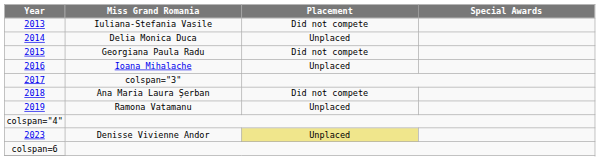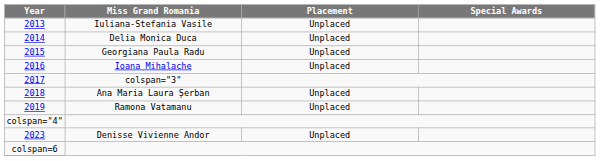 <table class="wikitable sortable" style="font-size: 95%; text-align:center">
 <tr>
 <th width="60" style="background-color:#787878;color:#FFFFFF;">Year</th>
 <th width="250" style="background-color:#787878;color:#FFFFFF;">Miss Grand Romania</th>
 <th width="250" style="background-color:#787878;color:#FFFFFF;">Placement</th>
 <th width="250" style="background-color:#787878;color:#FFFFFF;">Special Awards</th>
 </tr>
 <tr>
 <td><a href='#'>2013</a></td>
 <td>Iuliana-Stefania Vasile</td>
-<td>Did not compete</td>
+<td>Unplaced</td>
 <td></td>
 </tr>
 <tr>
 <td><a href='#'>2014</a></td>
 <td>Delia Monica Duca</td>
 <td>Unplaced</td>
 <td></td>
 </tr>
 <tr>
 <td><a href='#'>2015</a></td>
 <td>Georgiana Paula Radu</td>
-<td>Did not compete</td>
+<td>Unplaced</td>
 <td></td>
 </tr>
 <tr>
 <td><a href='#'>2016</a></td>
 <td><a href='#'>Ioana Mihalache</a></td>
 <td>Unplaced</td>
 <td></td>
 </tr>
 <tr>
 <td><a href='#'>2017</a></td>
 <td>colspan="3" </td>
 </tr>
 <tr>
 <td><a href='#'>2018</a></td>
 <td>Ana Maria Laura Șerban</td>
-<td>Did not compete</td>
+<td>Unplaced</td>
 <td></td>
 </tr>
 <tr>
 <td><a href='#'>2019</a></td>
 <td>Ramona Vatamanu</td>
 <td>Unplaced</td>
 <td></td>
 </tr>
 <tr>
 <td>colspan="4" </td>
 </tr>
 <tr>
 <td><a href='#'>2023</a></td>
 <td>Denisse Vivienne Andor</td>
-<td style="background: khaki;">Unplaced</td>
+<td>Unplaced</td>
 <td></td>
 </tr>
 <tr>
 <td>colspan=6 </td>
 </tr>
 <tr>
 </tr>
 </table>
